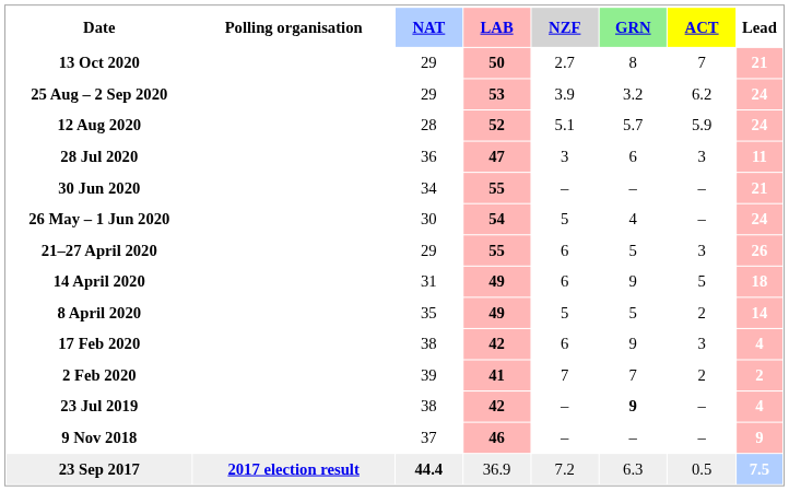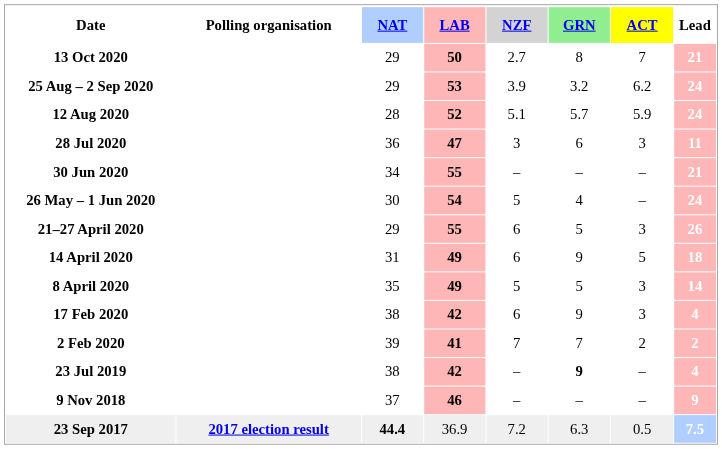 <table class="sortable" "toccolours" cellpadding="5" cellspacing="1" style="width:700px; text-align:center; float:left; margin-right:.5em; margin-top:.4em; font-size:90%; border: 1px solid darkgray">
 <tr>
 </tr>
 <tr style="height:35px">
 <th style="width:15em;">Date</th>
 <th style="width:15em;">Polling organisation</th>
 <th style="background-color:#B0CEFF;width:60px"><a href='#'>NAT</a></th>
 <th style="background-color:#FFB6B6;width:60px"><a href='#'>LAB</a></th>
 <th style="background-color:#D3D3D3;width:60px"><a href='#'>NZF</a></th>
 <th style="background-color:#90EE90;width:60px"><a href='#'>GRN</a></th>
 <th style="background-color:#FFFF00;width:60px"><a href='#'>ACT</a></th>
 <th style="width:2em;" data-sort-type="number">Lead</th>
 </tr>
 <tr>
 <td data-sort-value="2020-10-13"><strong>13 Oct 2020</strong></td>
 <td></td>
 <td>29</td>
 <td style="background:#FFB6B6;"><strong>50</strong></td>
 <td>2.7</td>
 <td>8</td>
 <td>7</td>
 <td style="background:#FFB6B6; color:white;"><strong>21</strong></td>
 </tr>
 <tr>
 <td data-sort-value="2020-09-02"><strong>25 Aug – 2 Sep 2020</strong></td>
 <td></td>
 <td>29</td>
 <td style="background:#FFB6B6;"><strong>53</strong></td>
 <td>3.9</td>
 <td>3.2</td>
 <td>6.2</td>
 <td style="background:#FFB6B6; color:white;"><strong>24</strong></td>
 </tr>
 <tr>
 <td data-sort-value="2020-08-12"><strong>12 Aug 2020</strong></td>
 <td></td>
 <td>28</td>
 <td style="background:#FFB6B6;"><strong>52</strong></td>
 <td>5.1</td>
 <td>5.7</td>
 <td>5.9</td>
 <td style="background:#FFB6B6; color:white;"><strong>24</strong></td>
 </tr>
 <tr>
 <td data-sort-value="2020-07-28"><strong>28 Jul 2020</strong></td>
 <td></td>
 <td>36</td>
 <td style="background:#FFB6B6;"><strong>47</strong></td>
 <td>3</td>
 <td>6</td>
 <td>3</td>
 <td style="background:#FFB6B6; color:white;"><strong>11</strong></td>
 </tr>
 <tr>
 <td data-sort-value="2020-06-30"><strong>30 Jun 2020</strong></td>
 <td></td>
 <td>34</td>
 <td style="background:#FFB6B6;"><strong>55</strong></td>
 <td>–</td>
 <td>–</td>
 <td>–</td>
 <td style="background:#FFB6B6; color:white;"><strong>21</strong></td>
 </tr>
 <tr>
 <td data-sort-value="2020-06-01"><strong>26 May – 1 Jun 2020</strong></td>
 <td></td>
 <td>30</td>
 <td style="background:#FFB6B6;"><strong>54</strong></td>
 <td>5</td>
 <td>4</td>
 <td>–</td>
 <td style="background:#FFB6B6; color:white;"><strong>24</strong></td>
 </tr>
 <tr>
 <td data-sort-value="2020-04-27"><strong>21–27 April 2020</strong></td>
 <td></td>
 <td>29</td>
 <td style="background:#FFB6B6;"><strong>55</strong></td>
 <td>6</td>
 <td>5</td>
 <td>3</td>
 <td style="background:#FFB6B6; color:white;"><strong>26</strong></td>
 </tr>
 <tr>
 <td data-sort-value="2020-04-14"><strong>14 April 2020</strong></td>
 <td></td>
 <td>31</td>
 <td style="background:#FFB6B6;"><strong>49</strong></td>
 <td>6</td>
 <td>9</td>
 <td>5</td>
 <td style="background:#FFB6B6; color:white;"><strong>18</strong></td>
 </tr>
 <tr>
 <td data-sort-value="2020-04-08"><strong>8 April 2020</strong></td>
 <td></td>
 <td>35</td>
 <td style="background:#FFB6B6;"><strong>49</strong></td>
 <td>5</td>
 <td>5</td>
-<td>2</td>
+<td>3</td>
 <td style="background:#FFB6B6; color:white;"><strong>14</strong></td>
 </tr>
 <tr>
 <td data-sort-value="2020-02-17"><strong>17 Feb 2020</strong></td>
 <td></td>
 <td>38</td>
 <td style="background:#FFB6B6;"><strong>42</strong></td>
 <td>6</td>
 <td>9</td>
 <td>3</td>
 <td style="background:#FFB6B6; color:white;"><strong>4</strong></td>
 </tr>
 <tr>
 <td data-sort-value="2020-02-02"><strong>2 Feb 2020</strong></td>
 <td></td>
 <td>39</td>
 <td style="background:#FFB6B6;"><strong>41</strong></td>
 <td>7</td>
 <td>7</td>
 <td>2</td>
 <td style="background:#FFB6B6; color:white;"><strong>2</strong></td>
 </tr>
 <tr>
 <td data-sort-value="2019-07-23"><strong>23 Jul 2019</strong></td>
 <td></td>
 <td>38</td>
 <td style="background:#FFB6B6;"><strong>42</strong></td>
 <td>–</td>
 <td><strong>9</strong></td>
 <td>–</td>
 <td style="background:#FFB6B6; color:white;"><strong>4</strong></td>
 </tr>
 <tr>
 <td data-sort-value="2018-11-09"><strong>9 Nov 2018</strong></td>
 <td></td>
 <td>37</td>
 <td style="background:#FFB6B6;"><strong>46</strong></td>
 <td>–</td>
 <td>–</td>
 <td>–</td>
 <td style="background:#FFB6B6; color:white;"><strong>9</strong></td>
 </tr>
 <tr style="background:#EFEFEF; font-weight:italic;">
 <td data-sort-value="2017-09-23"><strong>23 Sep 2017</strong></td>
 <td><strong><a href='#'>2017 election result</a></strong></td>
 <td><strong>44.4</strong></td>
 <td>36.9</td>
 <td>7.2</td>
 <td>6.3</td>
 <td>0.5</td>
 <td style="background:#B0CEFF; color:white;"><strong>7.5</strong></td>
 </tr>
 </table>
